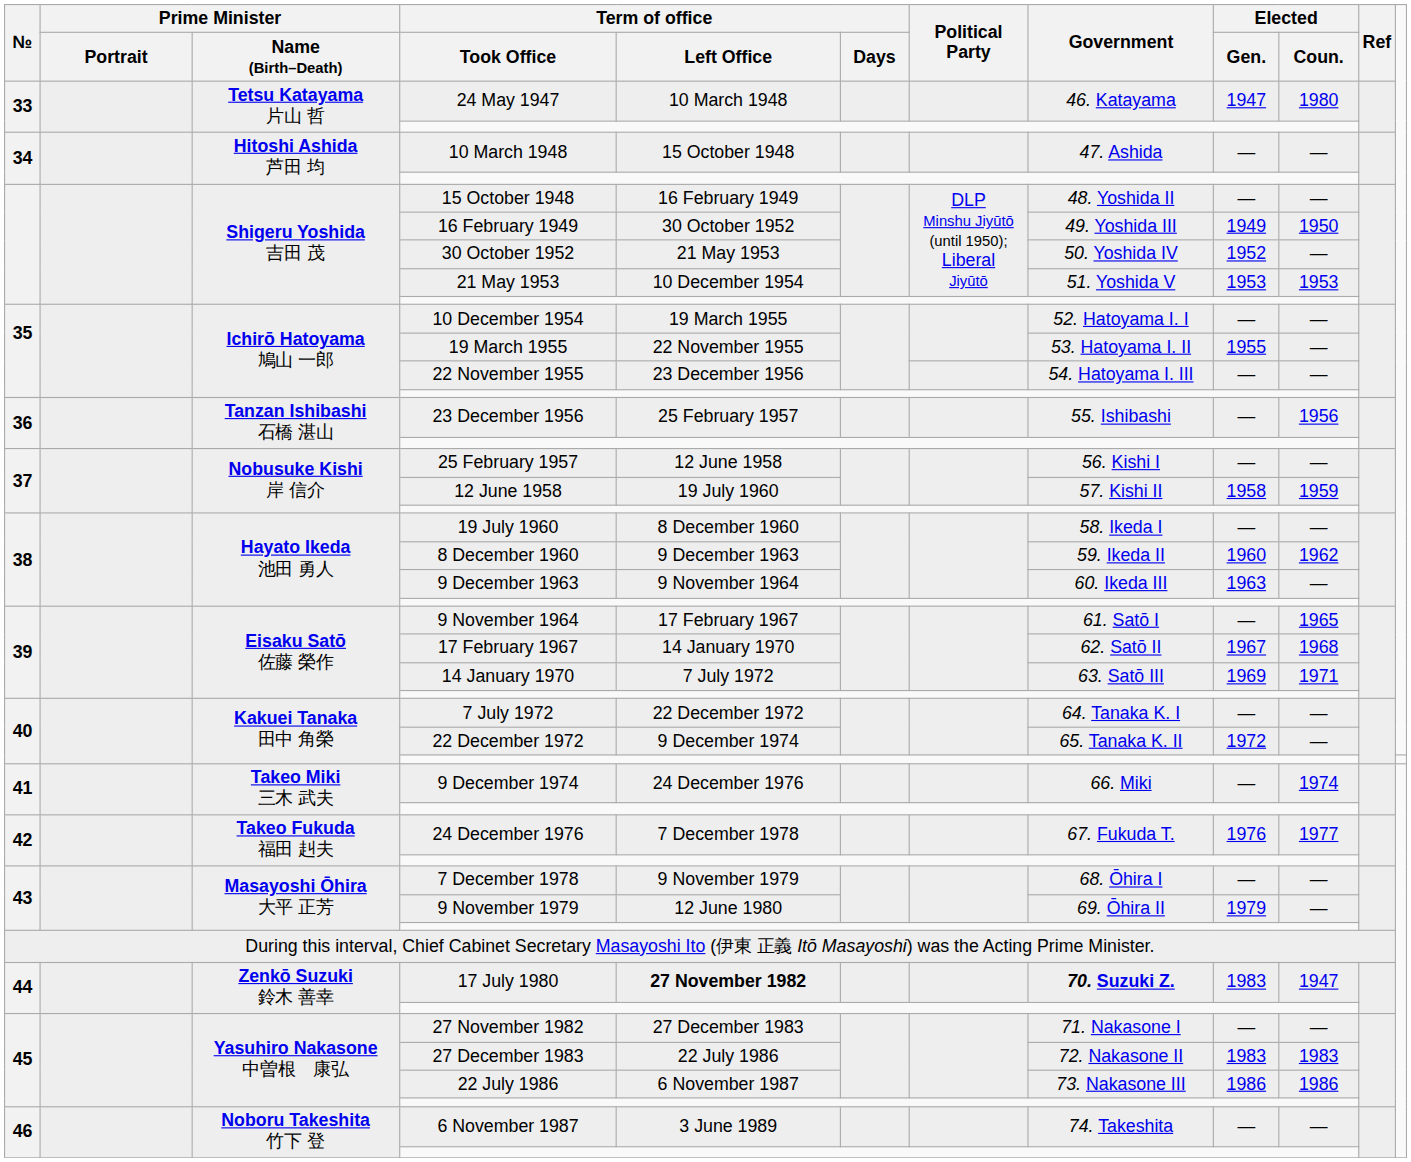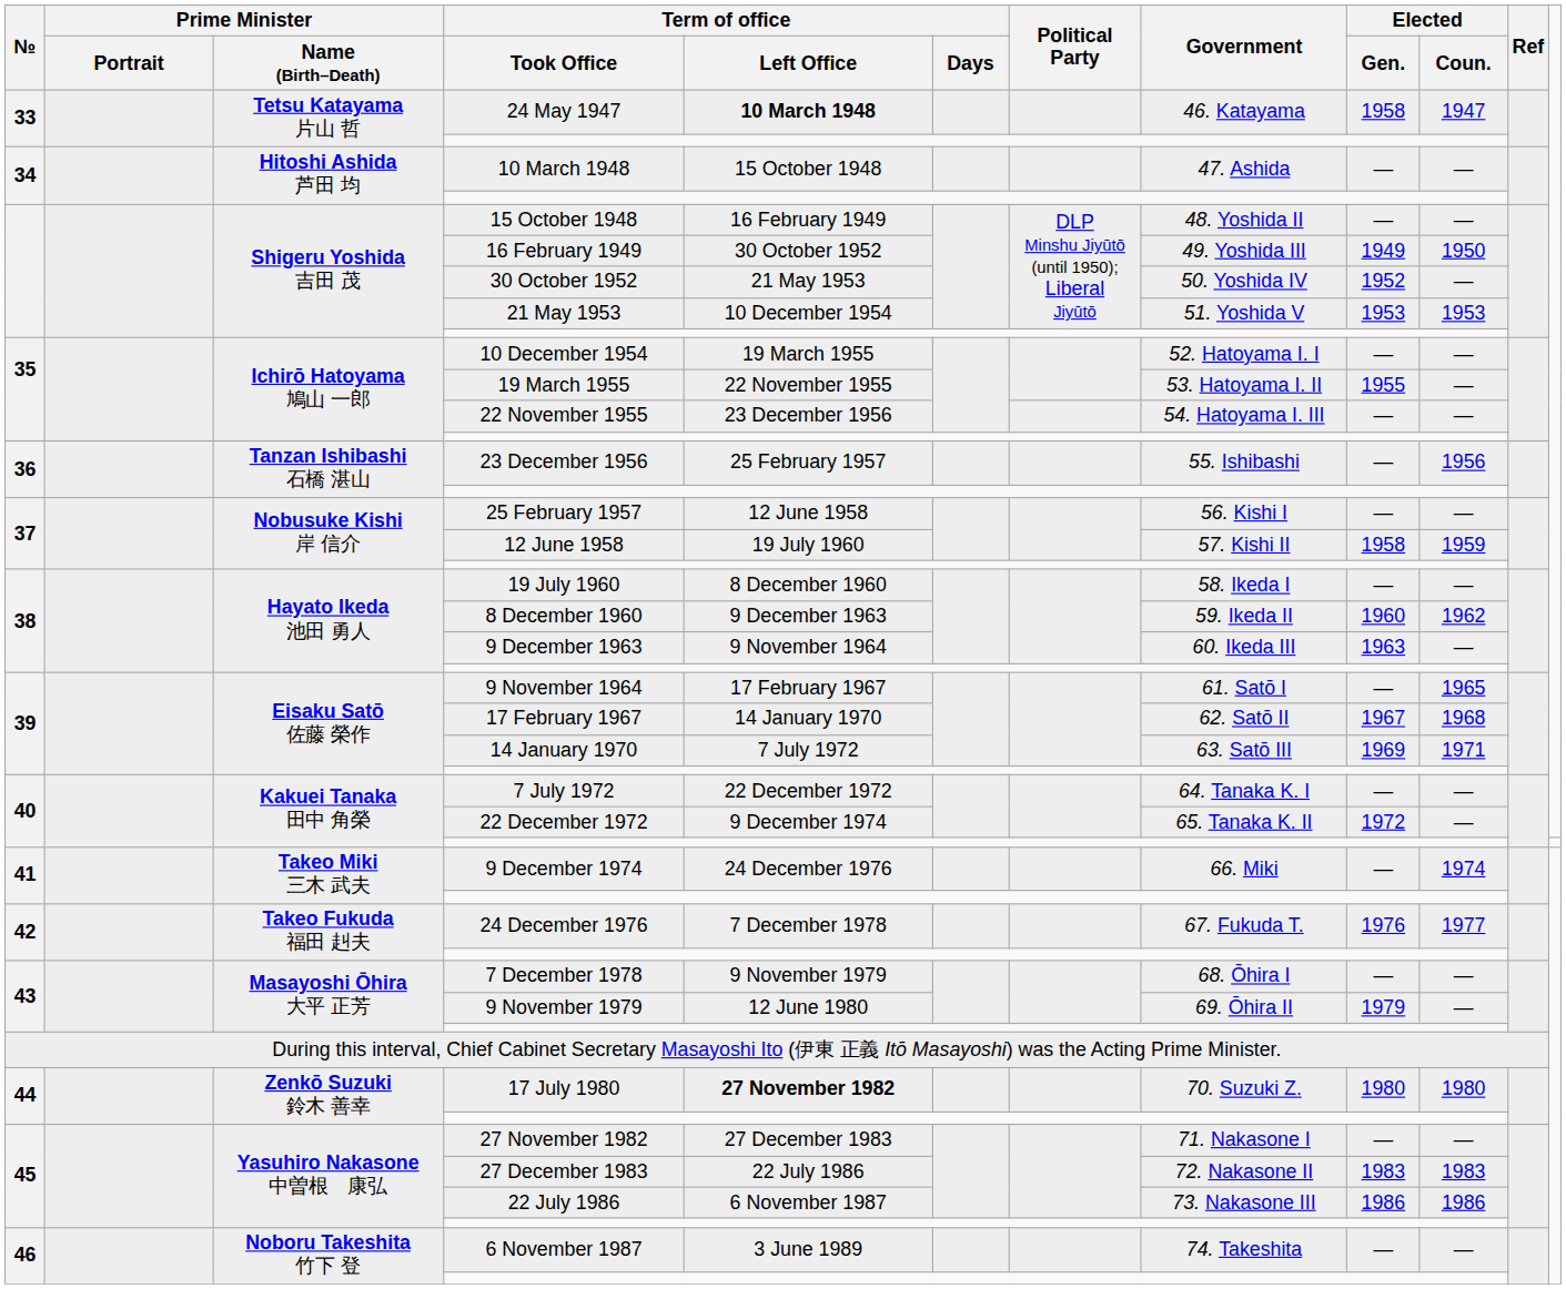 <table class="wikitable"  style="text-align:center"  width="100%">
 <tr>
 <th rowspan=2 style="width:25px;">№</th>
 <th colspan=2 style="width:280px;">Prime Minister</th>
 <th colspan=3>Term of office</th>
 <th style="width:100px;" rowspan="2">Political Party</th>
 <th style="width:160px;" rowspan="2">Government</th>
 <th colspan=2>Elected</th>
 <th rowspan=2 style="width:20px;">Ref</th>
 </tr>
 <tr>
 <th>Portrait</th>
 <th width=180px>Name<br><small>(Birth–Death)</small></th>
 <th>Took Office</th>
 <th>Left Office</th>
 <th>Days</th>
 <th>Gen.</th>
 <th>Coun.</th>
 </tr>
 <tr bgcolor=#EEEEEE>
 <th rowspan=2 style="background:">33</th>
 <td rowspan=2></td>
 <td rowspan=2><strong><a href='#'>Tetsu Katayama</a></strong><br><span><span>片山 哲</span></span><br></td>
 <td>24 May 1947</td>
-<td>10 March 1948</td>
+<td><strong>10 March 1948</strong></td>
 <td></td>
 <td style="background:"><a href='#'></a></td>
 <td><em>46.</em> <a href='#'>Katayama</a><br></td>
+<td><a href='#'>1958</a></td>
 <td><a href='#'>1947</a></td>
-<td><a href='#'>1980</a></td>
 <td rowspan=2></td>
 </tr>
 <tr>
 <td colspan=7 align=left></td>
 </tr>
 <tr bgcolor=#EEEEEE>
 <th rowspan=2 style="background:">34</th>
 <td rowspan=2></td>
 <td rowspan=2><strong><a href='#'>Hitoshi Ashida</a></strong><br><span><span>芦田 均</span></span><br></td>
 <td>10 March 1948</td>
 <td>15 October 1948</td>
 <td></td>
 <td style="background:"><a href='#'></a></td>
 <td><em>47.</em> <a href='#'>Ashida</a><br></td>
 <td>—</td>
 <td>—</td>
 <td rowspan=2></td>
 </tr>
 <tr>
 <td colspan=7 align=left></td>
 </tr>
 <tr bgcolor=#EEEEEE>
 <th rowspan=5 style="background:"></th>
 <td rowspan=5></td>
 <td rowspan=5><strong><a href='#'>Shigeru Yoshida</a></strong><br><span><span>吉田 茂</span></span><br></td>
 <td>15 October 1948</td>
 <td>16 February 1949</td>
 <td rowspan=4></td>
 <td rowspan=4 style="background:"><a href='#'>DLP<br><small>Minshu Jiyūtō</small></a><br><small>(until 1950);</small><br><a href='#'>Liberal<br><small>Jiyūtō</small></a></td>
 <td><em>48.</em> <a href='#'>Yoshida II</a><br></td>
 <td>—</td>
 <td>—</td>
 <td rowspan=5></td>
 </tr>
 <tr bgcolor=#EEEEEE>
 <td>16 February 1949</td>
 <td>30 October 1952</td>
 <td><em>49.</em> <a href='#'>Yoshida III</a><br></td>
 <td><a href='#'>1949</a></td>
 <td><a href='#'>1950</a></td>
 </tr>
 <tr bgcolor=#EEEEEE>
 <td>30 October 1952</td>
 <td>21 May 1953</td>
 <td><em>50.</em> <a href='#'>Yoshida IV</a><br></td>
 <td><a href='#'>1952</a></td>
 <td>—</td>
 </tr>
 <tr bgcolor=#EEEEEE>
 <td>21 May 1953</td>
 <td>10 December 1954</td>
 <td><em>51.</em> <a href='#'>Yoshida V</a><br></td>
 <td><a href='#'>1953</a></td>
 <td><a href='#'>1953</a></td>
 </tr>
 <tr>
 <td colspan=7 align=left></td>
 </tr>
 <tr bgcolor=#EEEEEE>
 <th rowspan=2 style="border-bottom:solid 0 gray; background:">35</th>
 <td rowspan=4></td>
 <td rowspan=4 style="border-bottom:solid 0 gray;"><strong><a href='#'>Ichirō Hatoyama</a></strong><br><span><span>鳩山 一郎</span></span><br></td>
 <td>10 December 1954</td>
 <td>19 March 1955</td>
 <td rowspan=3></td>
 <td rowspan=2 style="background:"><a href='#'></a></td>
 <td><em>52.</em> <a href='#'>Hatoyama I. I</a><br></td>
 <td>—</td>
 <td>—</td>
 <td rowspan=4></td>
 </tr>
 <tr bgcolor=#EEEEEE>
 <td>19 March 1955</td>
 <td>22 November 1955</td>
 <td><em>53.</em> <a href='#'>Hatoyama I. II</a><br></td>
 <td><a href='#'>1955</a></td>
 <td>—</td>
 </tr>
 <tr bgcolor=#EEEEEE>
 <th rowspan=2 style="border-top:solid 0 gray; background:"></th>
 <td>22 November 1955</td>
 <td>23 December 1956</td>
 <td style="background:"><a href='#'></a></td>
 <td><em>54.</em> <a href='#'>Hatoyama I. III</a><br></td>
 <td>—</td>
 <td>—</td>
 </tr>
 <tr>
 <td colspan=7 align=left></td>
 </tr>
 <tr bgcolor=#EEEEEE>
 <th rowspan=2 style="background:">36</th>
 <td rowspan=2></td>
 <td rowspan=2><strong><a href='#'>Tanzan Ishibashi</a></strong><br><span><span>石橋 湛山</span></span><br></td>
 <td>23 December 1956</td>
 <td>25 February 1957</td>
 <td></td>
 <td style="background:"><a href='#'></a></td>
 <td><em>55.</em> <a href='#'>Ishibashi</a><br></td>
 <td>—</td>
 <td><a href='#'>1956</a></td>
 <td rowspan=2></td>
 </tr>
 <tr>
 <td colspan=7 align=left></td>
 </tr>
 <tr bgcolor=#EEEEEE>
 <th rowspan=3 style="background:">37</th>
 <td rowspan=3></td>
 <td rowspan=3><strong><a href='#'>Nobusuke Kishi</a></strong><br><span><span>岸 信介</span></span><br></td>
 <td>25 February 1957</td>
 <td>12 June 1958</td>
 <td rowspan=2></td>
 <td rowspan=2 style="background:"><a href='#'></a></td>
 <td><em>56.</em> <a href='#'>Kishi I</a><br></td>
 <td>—</td>
 <td>—</td>
 <td rowspan=3></td>
 </tr>
 <tr bgcolor=#EEEEEE>
 <td>12 June 1958</td>
 <td>19 July 1960</td>
 <td><em>57.</em> <a href='#'>Kishi II</a><br></td>
 <td><a href='#'>1958</a></td>
 <td><a href='#'>1959</a></td>
 </tr>
 <tr>
 <td colspan=7 align=left></td>
 </tr>
 <tr bgcolor=#EEEEEE>
 <th rowspan=4 style="background:">38</th>
 <td rowspan=4></td>
 <td rowspan=4><strong><a href='#'>Hayato Ikeda</a></strong><br><span><span>池田 勇人</span></span><br></td>
 <td>19 July 1960</td>
 <td>8 December 1960</td>
 <td rowspan=3></td>
 <td rowspan=3 style="background:"><a href='#'></a></td>
 <td><em>58.</em> <a href='#'>Ikeda I</a><br></td>
 <td>—</td>
 <td>—</td>
 <td rowspan=4></td>
 </tr>
 <tr bgcolor=#EEEEEE>
 <td>8 December 1960</td>
 <td>9 December 1963</td>
 <td><em>59.</em> <a href='#'>Ikeda II</a><br></td>
 <td><a href='#'>1960</a></td>
 <td><a href='#'>1962</a></td>
 </tr>
 <tr bgcolor=#EEEEEE>
 <td>9 December 1963</td>
 <td>9 November 1964</td>
 <td><em>60.</em> <a href='#'>Ikeda III</a><br></td>
 <td><a href='#'>1963</a></td>
 <td>—</td>
 </tr>
 <tr>
 <td colspan=7 align=left></td>
 </tr>
 <tr bgcolor=#EEEEEE>
 <th rowspan=4 style="background:">39</th>
 <td rowspan=4></td>
 <td rowspan=4><strong><a href='#'>Eisaku Satō</a></strong><br><span><span>佐藤 榮作</span></span><br></td>
 <td>9 November 1964</td>
 <td>17 February 1967</td>
 <td rowspan=3></td>
 <td rowspan=3 style="background:"><a href='#'></a></td>
 <td><em>61.</em> <a href='#'>Satō I</a><br></td>
 <td>—</td>
 <td><a href='#'>1965</a></td>
 <td rowspan=4></td>
 </tr>
 <tr bgcolor=#EEEEEE>
 <td>17 February 1967</td>
 <td>14 January 1970</td>
 <td><em>62.</em> <a href='#'>Satō II</a><br></td>
 <td><a href='#'>1967</a></td>
 <td><a href='#'>1968</a></td>
 </tr>
 <tr bgcolor=#EEEEEE>
 <td>14 January 1970</td>
 <td>7 July 1972</td>
 <td><em>63.</em> <a href='#'>Satō III</a><br></td>
 <td><a href='#'>1969</a></td>
 <td><a href='#'>1971</a></td>
 </tr>
 <tr>
 <td colspan=7 align=left></td>
 </tr>
 <tr bgcolor=#EEEEEE>
 <th rowspan=3 style="background:">40</th>
 <td rowspan=3></td>
 <td rowspan=3><strong><a href='#'>Kakuei Tanaka</a></strong><br><span><span>田中 角榮</span></span><br></td>
 <td>7 July 1972</td>
 <td>22 December 1972</td>
 <td rowspan=2></td>
 <td rowspan=2 style="background:"><a href='#'></a></td>
 <td><em>64.</em> <a href='#'>Tanaka K. I</a><br></td>
 <td>—</td>
 <td>—</td>
 <td rowspan=3></td>
 </tr>
 <tr bgcolor=#EEEEEE>
 <td>22 December 1972</td>
 <td>9 December 1974</td>
 <td><em>65.</em> <a href='#'>Tanaka K. II</a><br></td>
 <td><a href='#'>1972</a></td>
 <td>—</td>
 </tr>
 <tr>
 <td colspan=7 align=left></td>
 <td colspan=7 align=left></td>
 </tr>
 <tr bgcolor=#EEEEEE>
 <th rowspan=2 style="background:">41</th>
 <td rowspan=2></td>
 <td rowspan=2><strong><a href='#'>Takeo Miki</a></strong><br><span><span>三木 武夫</span></span><br></td>
 <td>9 December 1974</td>
 <td>24 December 1976</td>
 <td></td>
 <td style="background:"><a href='#'></a></td>
 <td><em>66.</em> <a href='#'>Miki</a><br></td>
 <td>—</td>
 <td><a href='#'>1974</a></td>
 <td rowspan=2></td>
 </tr>
 <tr>
 <td colspan=7 align=left></td>
 </tr>
 <tr bgcolor=#EEEEEE>
 <th rowspan=2 style="background:">42</th>
 <td rowspan=2></td>
 <td rowspan=2><strong><a href='#'>Takeo Fukuda</a></strong><br><span><span>福田 赳夫</span></span><br></td>
 <td>24 December 1976</td>
 <td>7 December 1978</td>
 <td></td>
 <td style="background:"><a href='#'></a></td>
 <td><em>67.</em> <a href='#'>Fukuda T.</a><br></td>
 <td><a href='#'>1976</a></td>
 <td><a href='#'>1977</a></td>
 <td rowspan=2></td>
 </tr>
 <tr>
 <td colspan=7 align=left></td>
 </tr>
 <tr bgcolor=#EEEEEE>
 <th rowspan=3 style="background:">43</th>
 <td rowspan=3></td>
 <td rowspan=3><strong><a href='#'>Masayoshi Ōhira</a></strong><br><span><span>大平 正芳</span></span><br></td>
 <td>7 December 1978</td>
 <td>9 November 1979</td>
 <td rowspan=2></td>
 <td rowspan=2 style="background:"><a href='#'></a></td>
 <td><em>68.</em> <a href='#'>Ōhira I</a><br></td>
 <td>—</td>
 <td>—</td>
 <td rowspan=3></td>
 </tr>
 <tr bgcolor=#EEEEEE>
 <td>9 November 1979</td>
 <td>12 June 1980</td>
 <td><em>69.</em> <a href='#'>Ōhira II</a><br></td>
 <td><a href='#'>1979</a></td>
 <td>—</td>
 </tr>
 <tr>
 <td colspan=7 align=left></td>
 </tr>
 <tr bgcolor=#EEEEEE>
 <td colspan=11>During this interval, Chief Cabinet Secretary <a href='#'>Masayoshi Ito</a> (<span><span>伊東 正義</span></span> <em>Itō Masayoshi</em>) was the Acting Prime Minister.</td>
 </tr>
 <tr bgcolor=#EEEEEE>
 <th rowspan=2 style="background:">44</th>
 <td rowspan=2></td>
 <td rowspan=2><strong><a href='#'>Zenkō Suzuki</a></strong><br><span><span>鈴木 善幸</span></span><br></td>
 <td>17 July 1980</td>
 <td><strong>27 November 1982</strong></td>
 <td></td>
 <td style="background:"><a href='#'></a></td>
-<td><strong><em>70.</em> <a href='#'>Suzuki Z.</a><br></strong></td>
-<td><a href='#'>1983</a></td>
-<td><a href='#'>1947</a></td>
+<td><em>70.</em> <a href='#'>Suzuki Z.</a><br></td>
+<td><a href='#'>1980</a></td>
+<td><a href='#'>1980</a></td>
 <td rowspan=2></td>
 </tr>
 <tr>
 <td colspan=7 align=left></td>
 </tr>
 <tr bgcolor=#EEEEEE>
 <th rowspan=4 style="background:">45</th>
 <td rowspan=4></td>
 <td rowspan=4><strong><a href='#'>Yasuhiro Nakasone</a></strong><br><span><span>中曽根　康弘</span></span><br></td>
 <td>27 November 1982</td>
 <td>27 December 1983</td>
 <td rowspan=3></td>
 <td rowspan=3 style="background:"><a href='#'></a></td>
 <td><em>71.</em> <a href='#'>Nakasone I</a><br></td>
 <td>—</td>
 <td>—</td>
 <td rowspan=4></td>
 </tr>
 <tr bgcolor=#EEEEEE>
 <td>27 December 1983</td>
 <td>22 July 1986</td>
 <td><em>72.</em> <a href='#'>Nakasone II</a><br></td>
 <td><a href='#'>1983</a></td>
 <td><a href='#'>1983</a></td>
 </tr>
 <tr bgcolor=#EEEEEE>
 <td>22 July 1986</td>
 <td>6 November 1987</td>
 <td><em>73.</em> <a href='#'>Nakasone III</a><br></td>
 <td><a href='#'>1986</a></td>
 <td><a href='#'>1986</a></td>
 </tr>
 <tr>
 <td colspan=7 align=left></td>
 </tr>
 <tr bgcolor=#EEEEEE>
 <th rowspan=2 style="background:">46</th>
 <td rowspan=2></td>
 <td rowspan=2><strong><a href='#'>Noboru Takeshita</a></strong><br><span><span>竹下 登</span></span><br></td>
 <td>6 November 1987</td>
 <td>3 June 1989</td>
 <td></td>
 <td style="background:"><a href='#'></a></td>
 <td><em>74.</em> <a href='#'>Takeshita</a><br></td>
 <td>—</td>
 <td>—</td>
 <td rowspan=2></td>
 </tr>
 <tr>
 <td colspan=7 align=left></td>
 </tr>
 </table>
